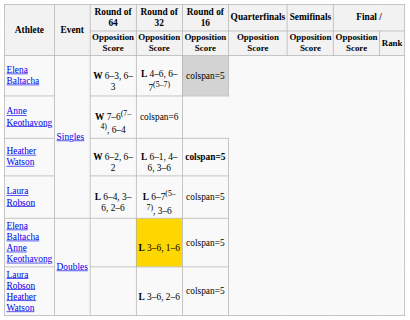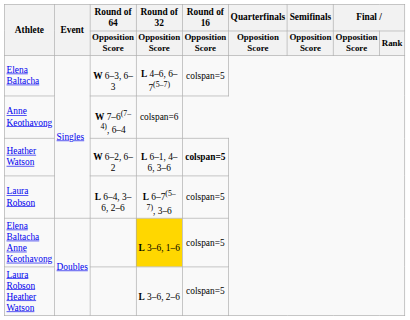 <table class=wikitable style="text-align:center; font-size:90%">
 <tr>
 <th rowspan="2">Athlete</th>
 <th rowspan="2">Event</th>
 <th>Round of 64</th>
 <th>Round of 32</th>
 <th>Round of 16</th>
 <th>Quarterfinals</th>
 <th>Semifinals</th>
 <th colspan=2>Final / </th>
 </tr>
 <tr style="font-size:95%">
 <th>Opposition<br>Score</th>
 <th>Opposition<br>Score</th>
 <th>Opposition<br>Score</th>
 <th>Opposition<br>Score</th>
 <th>Opposition<br>Score</th>
 <th>Opposition<br>Score</th>
 <th>Rank</th>
 </tr>
 <tr>
 <td style="text-align:left;"><a href='#'>Elena Baltacha</a></td>
 <td style="text-align:left;" rowspan="4"><a href='#'>Singles</a></td>
 <td><br><strong>W</strong> 6–3, 6–3</td>
 <td><br><strong>L</strong> 4–6, 6–7<sup>(5–7)</sup></td>
-<td style="background: lightgrey;">colspan=5 </td>
+<td>colspan=5 </td>
 </tr>
 <tr>
 <td style="text-align:left;"><a href='#'>Anne Keothavong</a></td>
 <td><br><strong>W</strong> 7–6<sup>(7–4)</sup>, 6–4</td>
 <td>colspan=6 </td>
 </tr>
 <tr>
 <td style="text-align:left;"><a href='#'>Heather Watson</a></td>
 <td><br><strong>W</strong> 6–2, 6–2</td>
 <td><br><strong>L</strong> 6–1, 4–6, 3–6</td>
 <td><strong>colspan=5 </strong></td>
 </tr>
 <tr>
 <td style="text-align:left;"><a href='#'>Laura Robson</a></td>
 <td><br><strong>L</strong> 6–4, 3–6, 2–6</td>
 <td><br><strong>L</strong> 6–7<sup>(5–7)</sup>, 3–6</td>
 <td>colspan=5 </td>
 </tr>
 <tr>
 <td style="text-align:left;"><a href='#'>Elena Baltacha</a><br><a href='#'>Anne Keothavong</a></td>
 <td style="text-align:left;" rowspan="2"><a href='#'>Doubles</a></td>
 <td></td>
 <td style="background: gold;"><br><strong>L</strong> 3–6, 1–6</td>
 <td>colspan=5 </td>
 </tr>
 <tr>
 <td style="text-align:left;"><a href='#'>Laura Robson</a><br><a href='#'>Heather Watson</a></td>
 <td></td>
 <td><br><strong>L</strong> 3–6, 2–6</td>
 <td>colspan=5 </td>
 </tr>
 </table>
